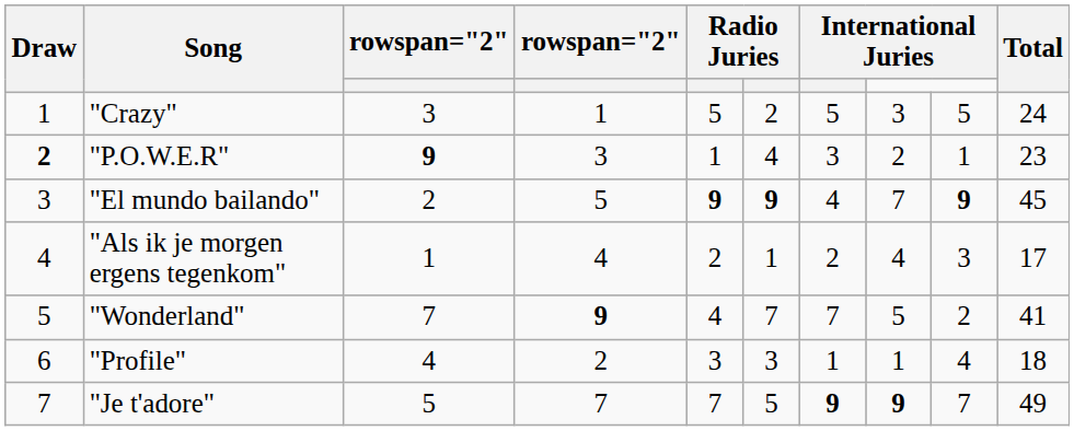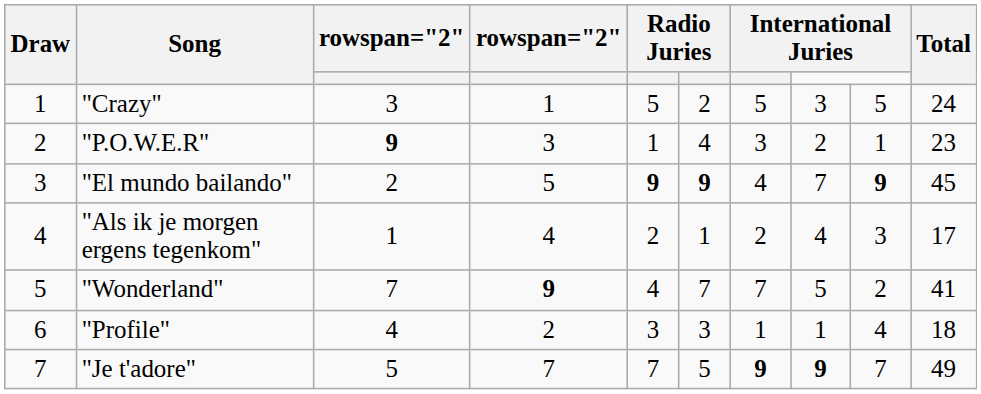 <table class="wikitable collapsible" style="margin: 1em auto 1em auto; text-align:center;">
 <tr>
 <th rowspan="2">Draw</th>
 <th rowspan="2">Song</th>
 <th>rowspan="2" </th>
 <th>rowspan="2" </th>
 <th colspan="2">Radio Juries</th>
 <th colspan="3">International Juries</th>
 <th rowspan="2">Total</th>
 </tr>
 <tr>
 <th></th>
 <th></th>
 <th></th>
 <th></th>
 <th></th>
 </tr>
 <tr>
 <td>1</td>
 <td align="left">"Crazy"</td>
 <td>3</td>
 <td>1</td>
 <td>5</td>
 <td>2</td>
 <td>5</td>
 <td>3</td>
 <td>5</td>
 <td>24</td>
 </tr>
 <tr>
-<td><strong>2</strong></td>
+<td>2</td>
 <td align="left">"P.O.W.E.R"</td>
 <td><strong>9</strong></td>
 <td>3</td>
 <td>1</td>
 <td>4</td>
 <td>3</td>
 <td>2</td>
 <td>1</td>
 <td>23</td>
 </tr>
 <tr>
 <td>3</td>
 <td align="left">"El mundo bailando"</td>
 <td>2</td>
 <td>5</td>
 <td><strong>9</strong></td>
 <td><strong>9</strong></td>
 <td>4</td>
 <td>7</td>
 <td><strong>9</strong></td>
 <td>45</td>
 </tr>
 <tr>
 <td>4</td>
 <td align="left">"Als ik je morgen ergens tegenkom"</td>
 <td>1</td>
 <td>4</td>
 <td>2</td>
 <td>1</td>
 <td>2</td>
 <td>4</td>
 <td>3</td>
 <td>17</td>
 </tr>
 <tr>
 <td>5</td>
 <td align="left">"Wonderland"</td>
 <td>7</td>
 <td><strong>9</strong></td>
 <td>4</td>
 <td>7</td>
 <td>7</td>
 <td>5</td>
 <td>2</td>
 <td>41</td>
 </tr>
 <tr>
 <td>6</td>
 <td align="left">"Profile"</td>
 <td>4</td>
 <td>2</td>
 <td>3</td>
 <td>3</td>
 <td>1</td>
 <td>1</td>
 <td>4</td>
 <td>18</td>
 </tr>
 <tr>
 <td>7</td>
 <td align="left">"Je t'adore"</td>
 <td>5</td>
 <td>7</td>
 <td>7</td>
 <td>5</td>
 <td><strong>9</strong></td>
 <td><strong>9</strong></td>
 <td>7</td>
 <td>49</td>
 </tr>
 </table>
